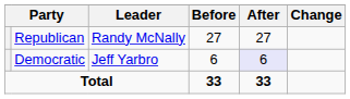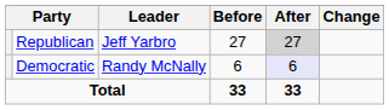 <table class="wikitable" style="text-align:center;">
 <tr>
 </tr>
 <tr>
 <th colspan=2>Party</th>
 <th>Leader</th>
 <th style="width:3em">Before</th>
 <th style="width:3em">After</th>
 <th style="width:3em">Change</th>
 </tr>
 <tr>
 <th style="background-color:"></th>
 <td style="text-align:left;"><a href='#'>Republican</a></td>
-<td style="text-align:left;"><a href='#'>Randy McNally</a></td>
+<td style="text-align:left;"><a href='#'>Jeff Yarbro</a></td>
 <td>27</td>
-<td>27</td>
+<td style="background: lightgrey;">27</td>
 <td></td>
 </tr>
 <tr>
 <th style="background-color:"></th>
 <td style="text-align:left;"><a href='#'>Democratic</a></td>
-<td style="text-align:left;"><a href='#'>Jeff Yarbro</a></td>
+<td style="text-align:left;"><a href='#'>Randy McNally</a></td>
 <td>6</td>
 <td style="background: lavender;">6</td>
 <td></td>
 </tr>
 <tr>
 <td colspan=3><strong>Total</strong></td>
 <td><strong>33</strong></td>
 <td><strong>33</strong></td>
 <td></td>
 </tr>
 </table>
